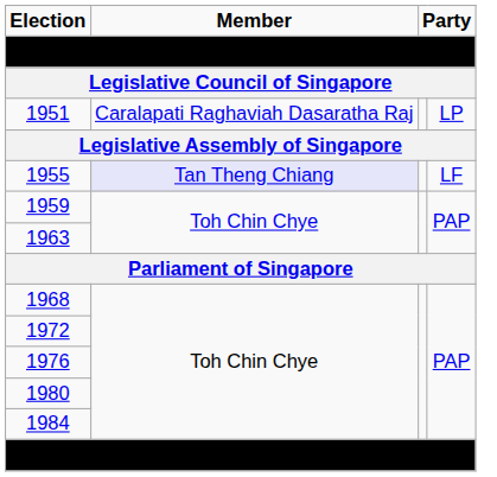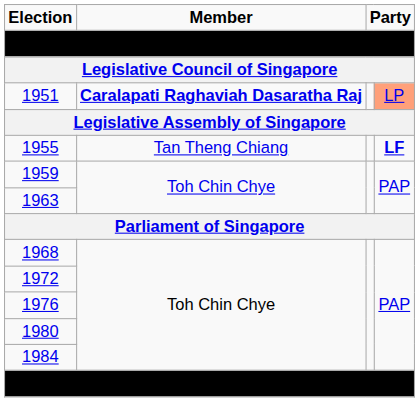 <table class="wikitable" align="center" style="text-align:center">
 <tr>
 <td><strong>Election </strong></td>
 <td><strong>Member</strong></td>
 <td colspan="2"><strong>Party</strong></td>
 </tr>
 <tr>
 <td colspan=4 bgcolor=black><span><strong>Formation</strong></span></td>
 </tr>
 <tr>
 <th colspan="4"><a href='#'>Legislative Council of Singapore</a></th>
 </tr>
 <tr>
 <td><a href='#'>1951</a></td>
-<td><a href='#'>Caralapati Raghaviah Dasaratha Raj</a></td>
+<td><strong><a href='#'>Caralapati Raghaviah Dasaratha Raj</a></strong></td>
 <td style="color:inherit;background:"></td>
-<td><a href='#'>LP</a></td>
+<td style="background: lightsalmon;"><a href='#'>LP</a></td>
 </tr>
 <tr>
 <th colspan="4"><a href='#'>Legislative Assembly of Singapore</a></th>
 </tr>
 <tr>
 <td><a href='#'>1955</a></td>
-<td style="background: lavender;"><a href='#'>Tan Theng Chiang</a></td>
+<td><a href='#'>Tan Theng Chiang</a></td>
 <td style="color:inherit;background:"></td>
-<td><a href='#'>LF</a></td>
+<td><strong><a href='#'>LF</a></strong></td>
 </tr>
 <tr>
 <td><a href='#'>1959</a></td>
 <td rowspan="2"><a href='#'>Toh Chin Chye</a></td>
 <td rowspan="2" style="color:inherit;background:"></td>
 <td rowspan="2"><a href='#'>PAP</a></td>
 </tr>
 <tr>
 <td><a href='#'>1963</a></td>
 </tr>
 <tr>
 <th colspan="4"><a href='#'>Parliament of Singapore</a></th>
 </tr>
 <tr>
 <td><a href='#'>1968</a></td>
 <td rowspan="5">Toh Chin Chye</td>
 <td rowspan="5" style="color:inherit;background:"></td>
 <td rowspan="5"><a href='#'>PAP</a></td>
 </tr>
 <tr>
 <td><a href='#'>1972</a></td>
 </tr>
 <tr>
 <td><a href='#'>1976</a></td>
 </tr>
 <tr>
 <td><a href='#'>1980</a></td>
 </tr>
 <tr>
 <td><a href='#'>1984</a></td>
 </tr>
 <tr>
 <td colspan=4 bgcolor=black><span><strong>Constituency abolished (1988)</strong></span></td>
 </tr>
 </table>
